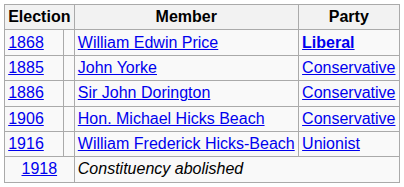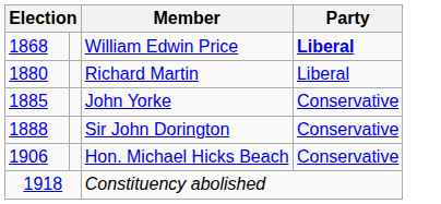 <table class="wikitable">
 <tr>
 <th colspan="2">Election</th>
 <th>Member</th>
 <th>Party</th>
 </tr>
 <tr>
 <td><a href='#'>1868</a></td>
 <td style="color:inherit;background-color: "></td>
 <td><a href='#'>William Edwin Price</a></td>
 <td><strong><a href='#'>Liberal</a></strong></td>
 </tr>
 <tr>
+<td><a href='#'>1880</a></td>
+<td style="color:inherit;background-color: "></td>
+<td><a href='#'>Richard Martin</a></td>
+<td><a href='#'>Liberal</a></td>
+</tr>
+<tr>
 <td><a href='#'>1885</a></td>
 <td style="color:inherit;background-color: "></td>
 <td><a href='#'>John Yorke</a></td>
 <td><a href='#'>Conservative</a></td>
 </tr>
 <tr>
-<td><a href='#'>1886</a></td>
+<td><a href='#'>1888</a></td>
 <td style="color:inherit;background-color: "></td>
 <td><a href='#'>Sir John Dorington</a></td>
 <td><a href='#'>Conservative</a></td>
 </tr>
 <tr>
 <td><a href='#'>1906</a></td>
 <td style="color:inherit;background-color: "></td>
 <td><a href='#'>Hon. Michael Hicks Beach</a></td>
 <td><a href='#'>Conservative</a></td>
 </tr>
 <tr>
-<td><a href='#'>1916</a></td>
-<td style="color:inherit;background-color: "></td>
-<td><a href='#'>William Frederick Hicks-Beach</a></td>
-<td><a href='#'>Unionist</a></td>
-</tr>
-<tr>
 <td colspan="2" align="center"><a href='#'>1918</a></td>
 <td colspan="2"><em>Constituency abolished</em></td>
 </tr>
 </table>
